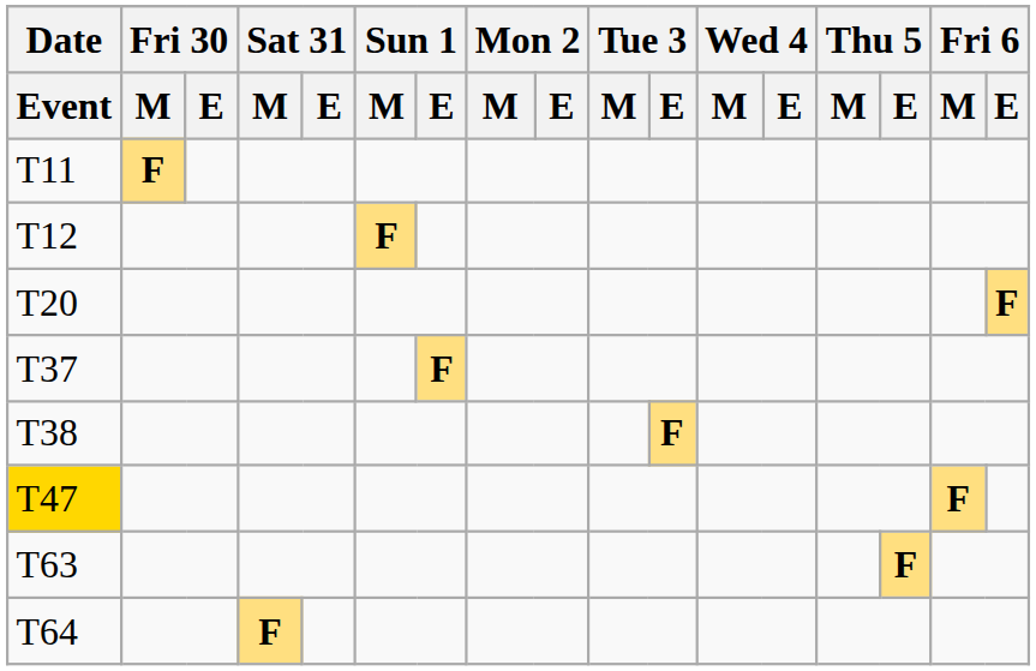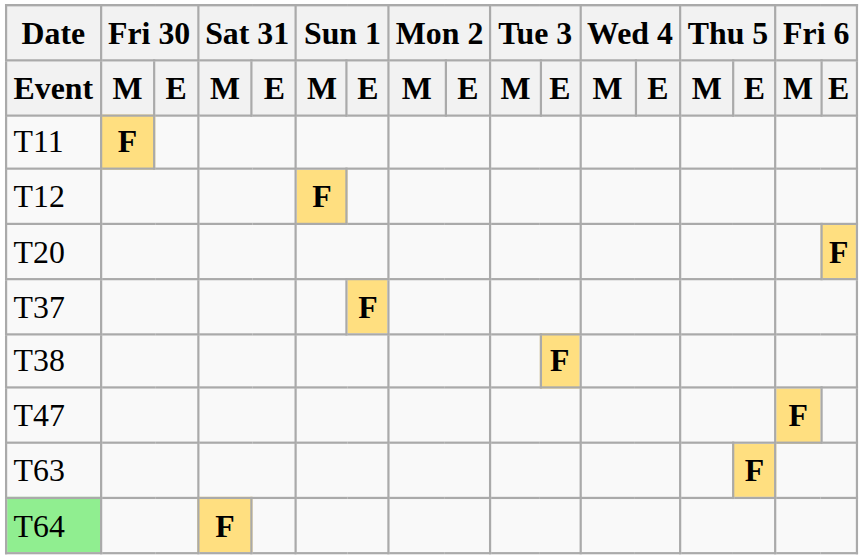 <table class="wikitable" style="margin:0.5em auto; font-size:90%; line-height:1.25em;">
 <tr align="center">
 </tr>
 <tr>
 <th>Date</th>
 <th colspan="2">Fri 30</th>
 <th colspan="2">Sat 31</th>
 <th colspan="2">Sun 1</th>
 <th colspan="2">Mon 2</th>
 <th colspan="2">Tue 3</th>
 <th colspan="2">Wed 4</th>
 <th colspan="2">Thu 5</th>
 <th colspan="2">Fri 6</th>
 </tr>
 <tr>
 <th>Event</th>
 <th>M</th>
 <th>E</th>
 <th>M</th>
 <th>E</th>
 <th>M</th>
 <th>E</th>
 <th>M</th>
 <th>E</th>
 <th>M</th>
 <th>E</th>
 <th>M</th>
 <th>E</th>
 <th>M</th>
 <th>E</th>
 <th>M</th>
 <th>E</th>
 </tr>
 <tr align="center">
 <td align="left">T11</td>
 <td bgcolor="#FFDF80"><strong>F</strong></td>
 <td></td>
 <td colspan="2"></td>
 <td colspan="2"></td>
 <td colspan="2"></td>
 <td colspan="2"></td>
 <td colspan="2"></td>
 <td colspan="2"></td>
 <td colspan="2"></td>
 </tr>
 <tr align="center">
 <td align="left">T12</td>
 <td colspan="2"></td>
 <td colspan="2"></td>
 <td bgcolor="#FFDF80"><strong>F</strong></td>
 <td></td>
 <td colspan="2"></td>
 <td colspan="2"></td>
 <td colspan="2"></td>
 <td colspan="2"></td>
 <td colspan="2"></td>
 </tr>
 <tr align="center">
 <td align="left">T20</td>
 <td colspan="2"></td>
 <td colspan="2"></td>
 <td colspan="2"></td>
 <td colspan="2"></td>
 <td colspan="2"></td>
 <td colspan="2"></td>
 <td colspan="2"></td>
 <td></td>
 <td bgcolor="#FFDF80"><strong>F</strong></td>
 </tr>
 <tr align="center">
 <td align="left">T37</td>
 <td colspan="2"></td>
 <td colspan="2"></td>
 <td></td>
 <td bgcolor="#FFDF80"><strong>F</strong></td>
 <td colspan="2"></td>
 <td colspan="2"></td>
 <td colspan="2"></td>
 <td colspan="2"></td>
 <td colspan="2"></td>
 </tr>
 <tr align="center">
 <td align="left">T38</td>
 <td colspan="2"></td>
 <td colspan="2"></td>
 <td colspan="2"></td>
 <td colspan="2"></td>
 <td></td>
 <td bgcolor="#FFDF80"><strong>F</strong></td>
 <td colspan="2"></td>
 <td colspan="2"></td>
 <td colspan="2"></td>
 </tr>
 <tr align="center">
-<td align="left" style="background: gold;">T47</td>
+<td align="left">T47</td>
 <td colspan="2"></td>
 <td colspan="2"></td>
 <td colspan="2"></td>
 <td colspan="2"></td>
 <td colspan="2"></td>
 <td colspan="2"></td>
 <td colspan="2"></td>
 <td bgcolor="#FFDF80"><strong>F</strong></td>
 <td></td>
 </tr>
 <tr align="center">
 <td align="left">T63</td>
 <td colspan="2"></td>
 <td colspan="2"></td>
 <td colspan="2"></td>
 <td colspan="2"></td>
 <td colspan="2"></td>
 <td colspan="2"></td>
 <td></td>
 <td bgcolor="#FFDF80"><strong>F</strong></td>
 <td colspan="2"></td>
 </tr>
 <tr align="center">
-<td align="left">T64</td>
+<td align="left" style="background: lightgreen;">T64</td>
 <td colspan="2"></td>
 <td bgcolor="#FFDF80"><strong>F</strong></td>
 <td></td>
 <td colspan="2"></td>
 <td colspan="2"></td>
 <td colspan="2"></td>
 <td colspan="2"></td>
 <td colspan="2"></td>
 <td colspan="2"></td>
 </tr>
 </table>
